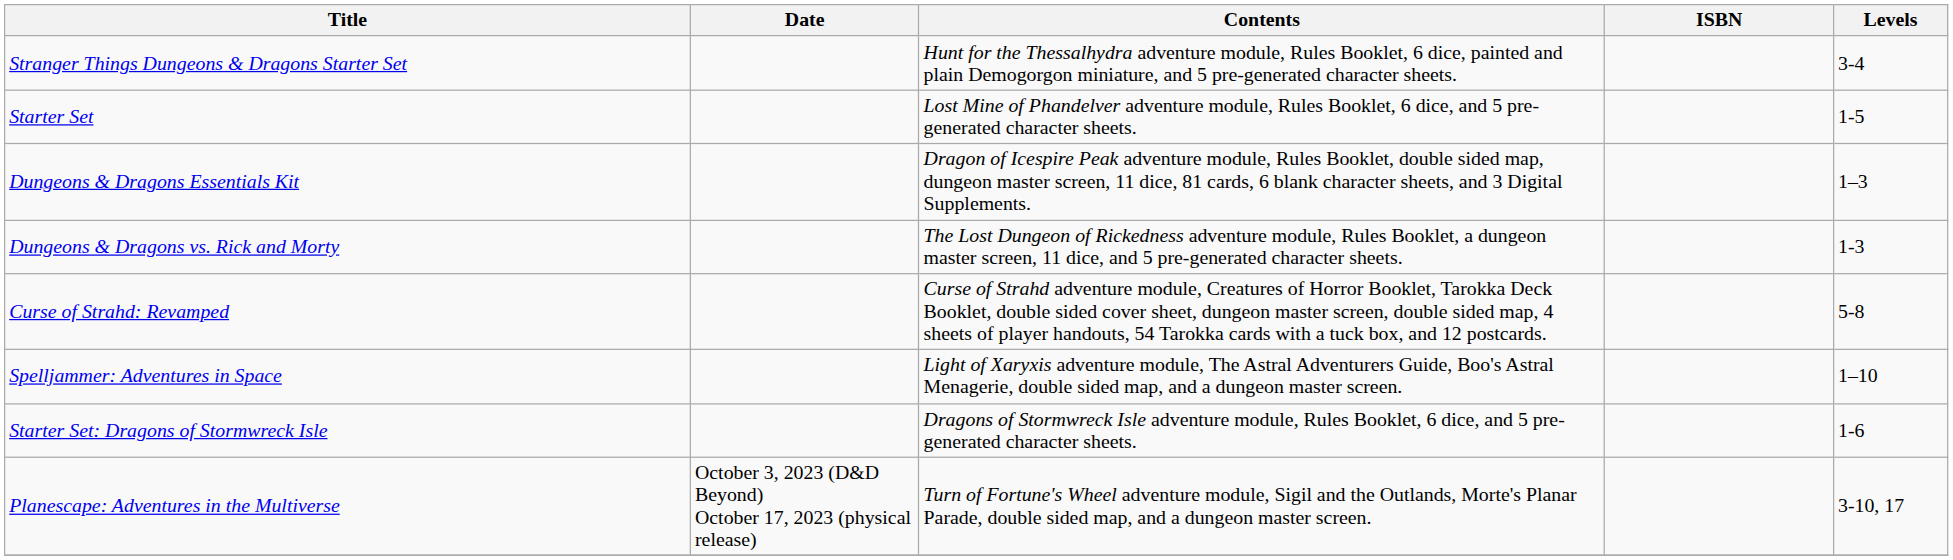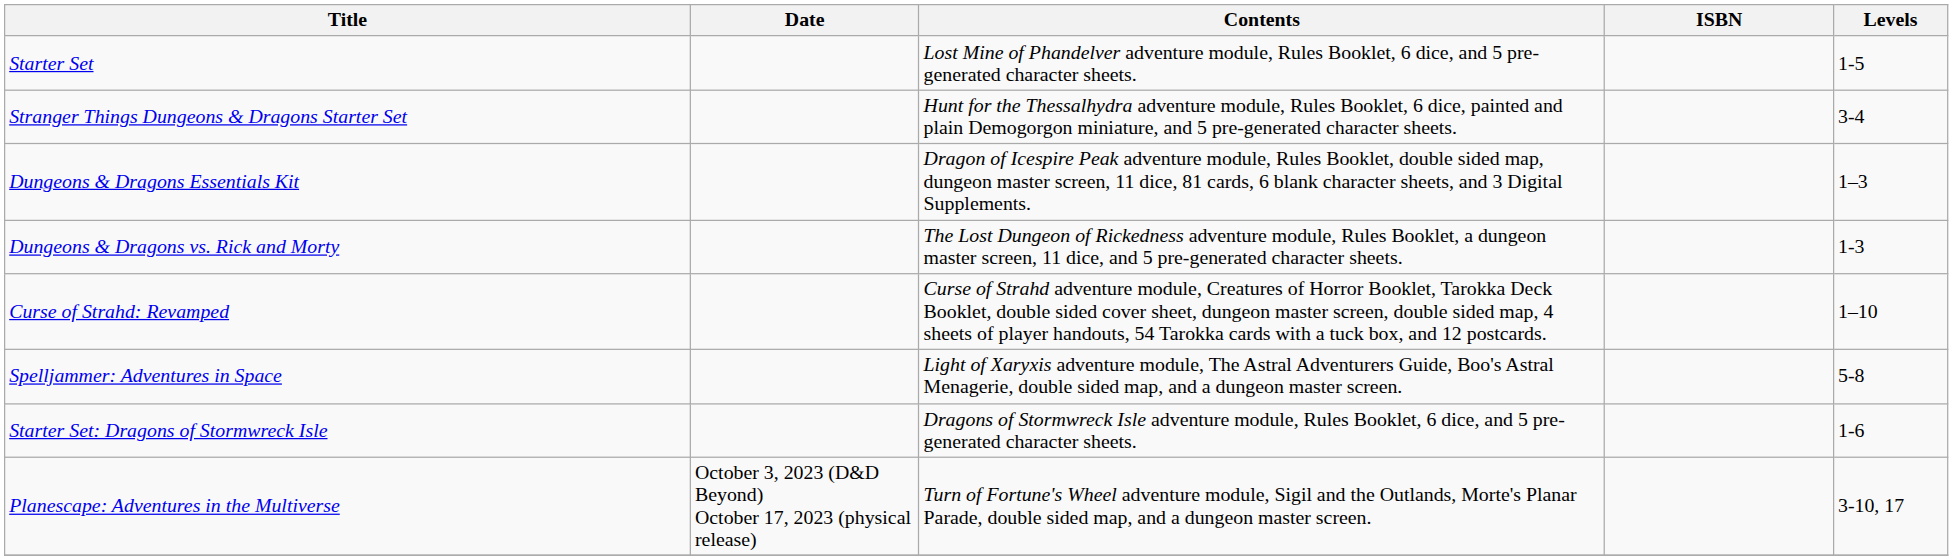 <table class="wikitable sortable" style="margins:auto; width=95%;">
 <tr>
 <th width="30%">Title</th>
 <th width="10%">Date</th>
 <th width="30%">Contents</th>
 <th width="10%">ISBN</th>
 <th width="5%">Levels</th>
 </tr>
 <tr>
+<td><em><a href='#'>Starter Set</a></em></td>
+<td></td>
+<td><em>Lost Mine of Phandelver</em> adventure module, Rules Booklet, 6 dice, and 5 pre-generated character sheets.</td>
+<td></td>
+<td>1-5</td>
+</tr>
+<tr>
 <td><em><a href='#'>Stranger Things Dungeons & Dragons Starter Set</a></em></td>
 <td></td>
 <td><em>Hunt for the Thessalhydra</em> adventure module, Rules Booklet, 6 dice, painted and plain Demogorgon miniature, and 5 pre-generated character sheets.</td>
 <td></td>
 <td>3-4</td>
-</tr>
-<tr>
-<td><em><a href='#'>Starter Set</a></em></td>
-<td></td>
-<td><em>Lost Mine of Phandelver</em> adventure module, Rules Booklet, 6 dice, and 5 pre-generated character sheets.</td>
-<td></td>
-<td>1-5</td>
 </tr>
 <tr>
 <td><em><a href='#'>Dungeons & Dragons Essentials Kit</a></em></td>
 <td></td>
 <td><em>Dragon of Icespire Peak</em> adventure module, Rules Booklet, double sided map, dungeon master screen, 11 dice, 81 cards, 6 blank character sheets, and 3 Digital Supplements.</td>
 <td></td>
 <td>1–3</td>
 </tr>
 <tr>
 <td><em><a href='#'>Dungeons & Dragons vs. Rick and Morty</a></em></td>
 <td></td>
 <td><em>The Lost Dungeon of Rickedness</em> adventure module, Rules Booklet, a dungeon master screen, 11 dice, and 5 pre-generated character sheets.</td>
 <td></td>
 <td>1-3</td>
 </tr>
 <tr>
 <td><em><a href='#'>Curse of Strahd: Revamped</a></em></td>
 <td></td>
 <td><em>Curse of Strahd</em> adventure module, Creatures of Horror Booklet, Tarokka Deck Booklet, double sided cover sheet, dungeon master screen, double sided map, 4 sheets of player handouts, 54 Tarokka cards with a tuck box, and 12 postcards.</td>
 <td></td>
-<td>5-8</td>
+<td>1–10</td>
 </tr>
 <tr>
 <td><em><a href='#'>Spelljammer: Adventures in Space</a></em></td>
 <td></td>
 <td><em>Light of Xaryxis</em> adventure module, The Astral Adventurers Guide, Boo's Astral Menagerie, double sided map, and a dungeon master screen.</td>
 <td></td>
-<td>1–10</td>
+<td>5-8</td>
 </tr>
 <tr>
 <td><em><a href='#'>Starter Set: Dragons of Stormwreck Isle</a></em></td>
 <td></td>
 <td><em>Dragons of Stormwreck Isle</em> adventure module, Rules Booklet, 6 dice, and 5 pre-generated character sheets.</td>
 <td></td>
 <td>1-6</td>
 </tr>
 <tr>
 <td><em><a href='#'>Planescape: Adventures in the Multiverse</a></em></td>
 <td>October 3, 2023 (D&D Beyond)<br>October 17, 2023 (physical release)</td>
 <td><em>Turn of Fortune's Wheel</em> adventure module, Sigil and the Outlands, Morte's Planar Parade, double sided map, and a dungeon master screen.</td>
 <td></td>
 <td>3-10, 17</td>
 </tr>
 <tr>
 </tr>
 </table>
